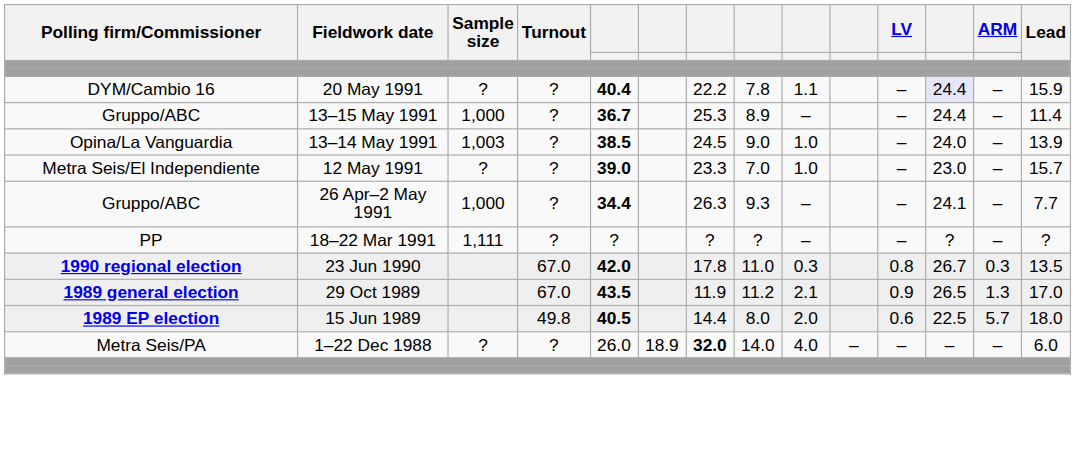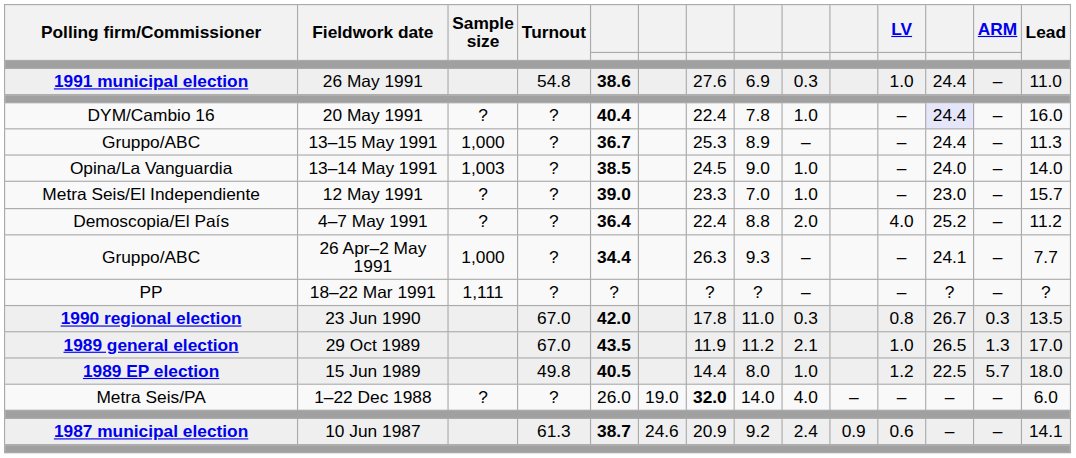 <table class="wikitable collapsible collapsed" style="text-align:center; font-size:95%; line-height:16px;">
 <tr style="height:42px;">
 <th style="width:250px;" rowspan="2">Polling firm/Commissioner</th>
 <th style="width:125px;" rowspan="2">Fieldwork date</th>
 <th style="width:50px;" rowspan="2">Sample size</th>
 <th style="width:45px;" rowspan="2">Turnout</th>
 <th style="width:35px;"></th>
 <th style="width:35px;"></th>
 <th style="width:35px;"></th>
 <th style="width:35px;"></th>
 <th style="width:35px;"></th>
 <th style="width:35px;"></th>
 <th style="width:35px;"><a href='#'>LV</a></th>
 <th style="width:35px;"></th>
 <th style="width:35px;"><a href='#'>ARM</a></th>
 <th style="width:30px;" rowspan="2">Lead</th>
 </tr>
 <tr>
 <th style="color:inherit;background:"></th>
 <th style="color:inherit;background:"></th>
 <th style="color:inherit;background:"></th>
 <th style="color:inherit;background:"></th>
 <th style="color:inherit;background:"></th>
 <th style="color:inherit;background:"></th>
 <th style="color:inherit;background:"></th>
 <th style="color:inherit;background:"></th>
 <th style="color:inherit;background:"></th>
 </tr>
 <tr>
 <td colspan="14" style="background:#A0A0A0"></td>
 </tr>
+<tr style="background:#EFEFEF;">
+<td><strong><a href='#'>1991 municipal election</a></strong></td>
+<td>26 May 1991</td>
+<td></td>
+<td>54.8</td>
+<td><strong>38.6</strong><br></td>
+<td></td>
+<td>27.6<br></td>
+<td>6.9<br></td>
+<td>0.3<br></td>
+<td></td>
+<td>1.0<br></td>
+<td>24.4<br></td>
+<td>–</td>
+<td style="background:">11.0</td>
+</tr>
 <tr>
 <td colspan="14" style="background:#A0A0A0"></td>
 </tr>
 <tr>
 <td>DYM/Cambio 16</td>
 <td>20 May 1991</td>
 <td>?</td>
 <td>?</td>
 <td><strong>40.4</strong><br></td>
 <td></td>
-<td>22.2<br></td>
+<td>22.4<br></td>
 <td>7.8<br></td>
-<td>1.1<br></td>
+<td>1.0<br></td>
 <td></td>
 <td>–</td>
 <td style="background: lavender;">24.4<br></td>
 <td>–</td>
-<td style="background:">15.9</td>
+<td style="background:">16.0</td>
 </tr>
 <tr>
 <td>Gruppo/ABC</td>
 <td>13–15 May 1991</td>
 <td>1,000</td>
 <td>?</td>
 <td><strong>36.7</strong><br></td>
 <td></td>
 <td>25.3<br></td>
 <td>8.9<br></td>
 <td>–</td>
 <td></td>
 <td>–</td>
 <td>24.4<br></td>
 <td>–</td>
-<td style="background:">11.4</td>
+<td style="background:">11.3</td>
 </tr>
 <tr>
 <td>Opina/La Vanguardia</td>
 <td>13–14 May 1991</td>
 <td>1,003</td>
 <td>?</td>
 <td><strong>38.5</strong><br></td>
 <td></td>
 <td>24.5<br></td>
 <td>9.0<br></td>
 <td>1.0<br></td>
 <td></td>
 <td>–</td>
 <td>24.0<br></td>
 <td>–</td>
-<td style="background:">13.9</td>
+<td style="background:">14.0</td>
 </tr>
 <tr>
 <td>Metra Seis/El Independiente</td>
 <td>12 May 1991</td>
 <td>?</td>
 <td>?</td>
 <td><strong>39.0</strong><br></td>
 <td></td>
 <td>23.3<br></td>
 <td>7.0<br></td>
 <td>1.0<br></td>
 <td></td>
 <td>–</td>
 <td>23.0<br></td>
 <td>–</td>
 <td style="background:">15.7</td>
+</tr>
+<tr>
+<td>Demoscopia/El País</td>
+<td>4–7 May 1991</td>
+<td>?</td>
+<td>?</td>
+<td><strong>36.4</strong><br></td>
+<td></td>
+<td>22.4<br></td>
+<td>8.8<br></td>
+<td>2.0<br></td>
+<td></td>
+<td>4.0<br></td>
+<td>25.2<br></td>
+<td>–</td>
+<td style="background:">11.2</td>
 </tr>
 <tr>
 <td>Gruppo/ABC</td>
 <td>26 Apr–2 May 1991</td>
 <td>1,000</td>
 <td>?</td>
 <td><strong>34.4</strong><br></td>
 <td></td>
 <td>26.3<br></td>
 <td>9.3<br></td>
 <td>–</td>
 <td></td>
 <td>–</td>
 <td>24.1<br></td>
 <td>–</td>
 <td style="background:">7.7</td>
 </tr>
 <tr>
 <td>PP</td>
 <td>18–22 Mar 1991</td>
 <td>1,111</td>
 <td>?</td>
 <td>?<br></td>
 <td></td>
 <td>?<br></td>
 <td>?<br></td>
 <td>–</td>
 <td></td>
 <td>–</td>
 <td>?<br></td>
 <td>–</td>
 <td style="background:">?</td>
 </tr>
 <tr style="background:#EFEFEF;">
 <td><strong><a href='#'>1990 regional election</a></strong></td>
 <td>23 Jun 1990</td>
 <td></td>
 <td>67.0</td>
 <td><strong>42.0</strong><br></td>
 <td></td>
 <td>17.8<br></td>
 <td>11.0<br></td>
 <td>0.3<br></td>
 <td></td>
 <td>0.8<br></td>
 <td>26.7<br></td>
 <td>0.3<br></td>
 <td style="background:">13.5</td>
 </tr>
 <tr style="background:#EFEFEF;">
 <td><strong><a href='#'>1989 general election</a></strong></td>
 <td>29 Oct 1989</td>
 <td></td>
 <td>67.0</td>
 <td><strong>43.5</strong><br></td>
 <td></td>
 <td>11.9<br></td>
 <td>11.2<br></td>
 <td>2.1<br></td>
 <td></td>
-<td>0.9<br></td>
+<td>1.0<br></td>
 <td>26.5<br></td>
 <td>1.3<br></td>
 <td style="background:">17.0</td>
 </tr>
 <tr style="background:#EFEFEF;">
 <td><strong><a href='#'>1989 EP election</a></strong></td>
 <td>15 Jun 1989</td>
 <td></td>
 <td>49.8</td>
 <td><strong>40.5</strong><br></td>
 <td></td>
 <td>14.4<br></td>
 <td>8.0<br></td>
-<td>2.0<br></td>
+<td>1.0<br></td>
 <td></td>
-<td>0.6<br></td>
+<td>1.2<br></td>
 <td>22.5<br></td>
 <td>5.7<br></td>
 <td style="background:">18.0</td>
 </tr>
 <tr>
 <td>Metra Seis/PA</td>
 <td>1–22 Dec 1988</td>
 <td>?</td>
 <td>?</td>
 <td>26.0</td>
-<td>18.9</td>
+<td>19.0</td>
 <td><strong>32.0</strong></td>
 <td>14.0</td>
 <td>4.0</td>
 <td>–</td>
 <td>–</td>
 <td>–</td>
 <td>–</td>
 <td style="background:">6.0</td>
 </tr>
 <tr>
 <td colspan="14" style="background:#A0A0A0"></td>
 </tr>
+<tr style="background:#EFEFEF;">
+<td><strong><a href='#'>1987 municipal election</a></strong></td>
+<td>10 Jun 1987</td>
+<td></td>
+<td>61.3</td>
+<td><strong>38.7</strong><br></td>
+<td>24.6<br></td>
+<td>20.9<br></td>
+<td>9.2<br></td>
+<td>2.4<br></td>
+<td>0.9<br></td>
+<td>0.6<br></td>
+<td>–</td>
+<td>–</td>
+<td style="background:">14.1</td>
+</tr>
 <tr>
 <td colspan="14" style="background:#A0A0A0"></td>
 </tr>
 </table>
